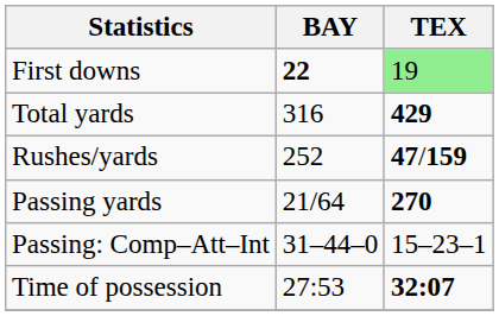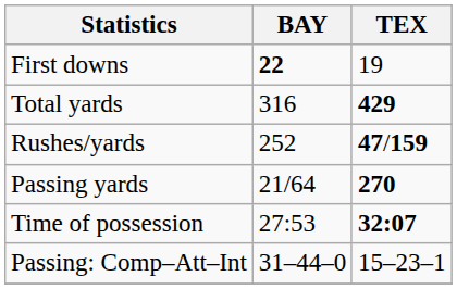 <table class="wikitable" style="float: left;">
 <tr>
 <th>Statistics</th>
 <th>BAY</th>
 <th>TEX</th>
 </tr>
 <tr>
 <td>First downs</td>
 <td><strong>22</strong></td>
-<td style="background: lightgreen;">19</td>
+<td>19</td>
 </tr>
 <tr>
 <td>Total yards</td>
 <td>316</td>
 <td><strong>429</strong></td>
 </tr>
 <tr>
 <td>Rushes/yards</td>
 <td>252</td>
 <td><strong>47</strong>/<strong>159</strong></td>
 </tr>
 <tr>
 <td>Passing yards</td>
 <td>21/64</td>
 <td><strong>270</strong></td>
 </tr>
 <tr>
+<td>Time of possession</td>
+<td>27:53</td>
+<td><strong>32:07</strong></td>
+</tr>
+<tr>
 <td>Passing: Comp–Att–Int</td>
 <td>31–44–0</td>
 <td>15–23–1</td>
 </tr>
 <tr>
-<td>Time of possession</td>
-<td>27:53</td>
-<td><strong>32:07</strong></td>
-</tr>
-<tr>
 </tr>
 </table>
